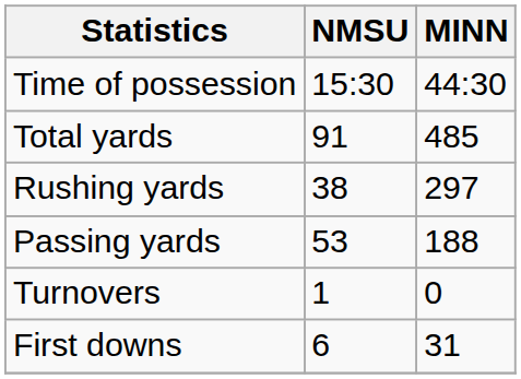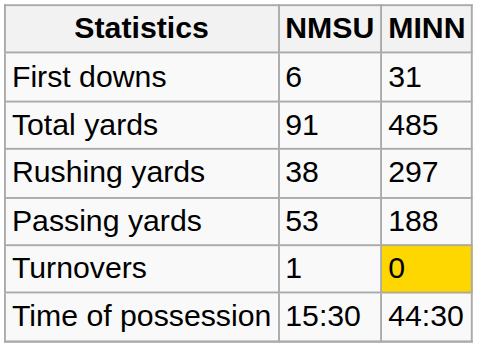 <table class="wikitable" style="float: left;">
 <tr>
 <th>Statistics</th>
 <th>NMSU</th>
 <th>MINN</th>
 </tr>
 <tr>
-<td>Time of possession</td>
-<td>15:30</td>
-<td>44:30</td>
+<td>First downs</td>
+<td>6</td>
+<td>31</td>
 </tr>
 <tr>
 <td>Total yards</td>
 <td>91</td>
 <td>485</td>
 </tr>
 <tr>
 <td>Rushing yards</td>
 <td>38</td>
 <td>297</td>
 </tr>
 <tr>
 <td>Passing yards</td>
 <td>53</td>
 <td>188</td>
 </tr>
 <tr>
 <td>Turnovers</td>
 <td>1</td>
-<td>0</td>
+<td style="background: gold;">0</td>
 </tr>
 <tr>
-<td>First downs</td>
-<td>6</td>
-<td>31</td>
+<td>Time of possession</td>
+<td>15:30</td>
+<td>44:30</td>
 </tr>
 <tr>
 </tr>
 </table>
